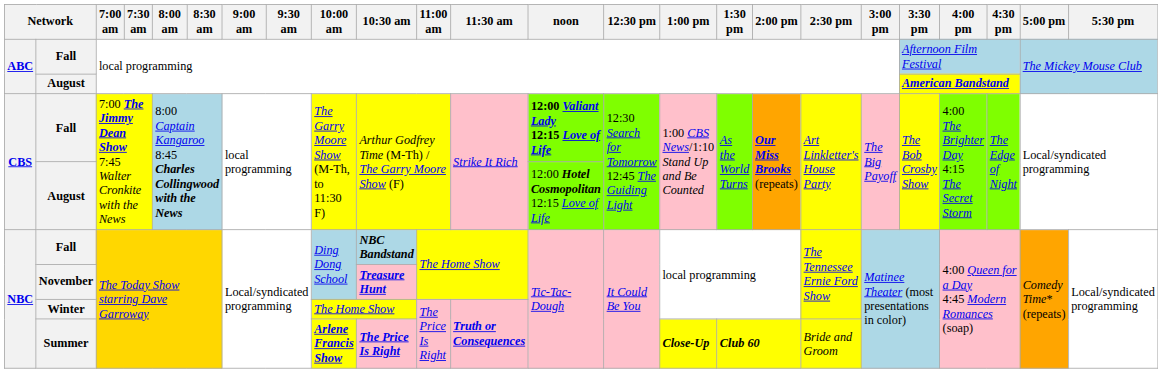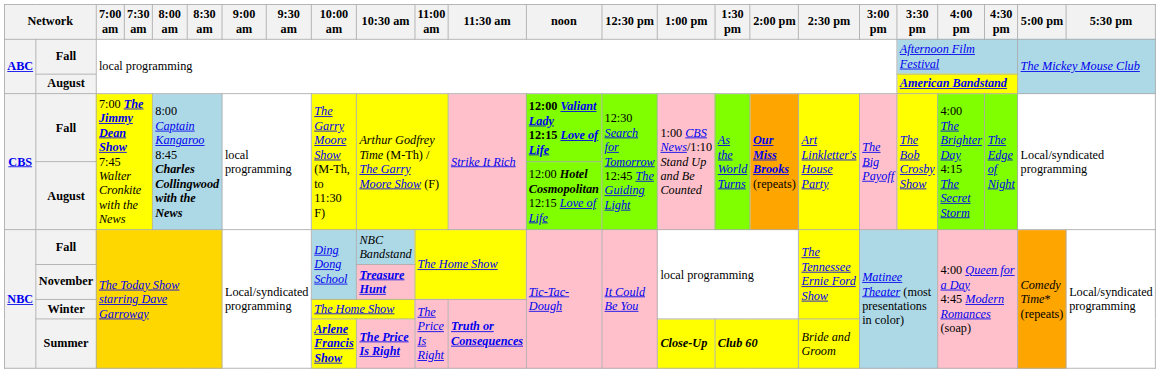 <table class=wikitable style="font-size:90%">
 <tr>
 <th width="1.5%" bgcolor="#C0C0C0" colspan="2">Network</th>
 <th width="12%" bgcolor="#C0C0C0">7:00 am</th>
 <th width="13%" bgcolor="#C0C0C0">7:30 am</th>
 <th width="12%" bgcolor="#C0C0C0">8:00 am</th>
 <th width="13%" bgcolor="#C0C0C0">8:30 am</th>
 <th width="12%" bgcolor="#C0C0C0">9:00 am</th>
 <th width="13%" bgcolor="#C0C0C0">9:30 am</th>
 <th width="12%" bgcolor="#C0C0C0">10:00 am</th>
 <th width="13%" bgcolor="#C0C0C0">10:30 am</th>
 <th width="12%" bgcolor="#C0C0C0">11:00 am</th>
 <th width="13%" bgcolor="#C0C0C0">11:30 am</th>
 <th width="12%" bgcolor="#C0C0C0">noon</th>
 <th width="13%" bgcolor="#C0C0C0">12:30 pm</th>
 <th width="12%" bgcolor="#C0C0C0">1:00 pm</th>
 <th width="13%" bgcolor="#C0C0C0">1:30 pm</th>
 <th width="12%" bgcolor="#C0C0C0">2:00 pm</th>
 <th width="13%" bgcolor="#C0C0C0">2:30 pm</th>
 <th width="12%" bgcolor="#C0C0C0">3:00 pm</th>
 <th width="13%" bgcolor="#C0C0C0">3:30 pm</th>
 <th width="12%" bgcolor="#C0C0C0">4:00 pm</th>
 <th width="12%" bgcolor="#C0C0C0">4:30 pm</th>
 <th width="12%" bgcolor="#C0C0C0">5:00 pm</th>
 <th width="12%" bgcolor="#C0C0C0">5:30 pm</th>
 </tr>
 <tr>
 <th bgcolor="#C0C0C0"rowspan="2"><a href='#'>ABC</a></th>
 <th>Fall</th>
 <td bgcolor="white" rowspan="2"colspan="17">local programming</td>
 <td bgcolor="lightblue" colspan="3"><em><a href='#'>Afternoon Film Festival</a></em></td>
 <td bgcolor="lightblue" rowspan="2"colspan="2"><em><a href='#'>The Mickey Mouse Club</a></em></td>
 </tr>
 <tr>
 <th>August</th>
 <td bgcolor="yellow" colspan="3"><strong><em><a href='#'>American Bandstand</a></em></strong></td>
 </tr>
 <tr>
 <th bgcolor="#C0C0C0"rowspan="2"><a href='#'>CBS</a></th>
 <th>Fall</th>
 <td bgcolor="yellow" rowspan="2"colspan="2">7:00 <strong><em><a href='#'>The Jimmy Dean Show</a></em></strong><br>7:45 <em>Walter Cronkite with the News</em></td>
 <td bgcolor="lightblue" rowspan="2"colspan="2">8:00 <em><a href='#'>Captain Kangaroo</a></em><br>8:45 <strong><em>Charles Collingwood with the News</em></strong></td>
 <td bgcolor="white" rowspan="2"colspan="2">local programming</td>
 <td bgcolor="yellow"rowspan="2"><em><a href='#'>The Garry Moore Show</a></em> (M-Th, to 11:30 F)</td>
 <td bgcolor="yellow" rowspan="2"colspan="2"><em>Arthur Godfrey Time</em> (M-Th) / <em><a href='#'>The Garry Moore Show</a></em> (F)</td>
 <td bgcolor="pink"rowspan="2"><em><a href='#'>Strike It Rich</a></em></td>
 <td bgcolor="chartreuse"><strong>12:00 <em><a href='#'>Valiant Lady</a></em><br>12:15 <em><a href='#'>Love of Life</a></em></strong></td>
 <td bgcolor="chartreuse"rowspan="2">12:30 <em><a href='#'>Search for Tomorrow</a></em><br>12:45 <em><a href='#'>The Guiding Light</a></em></td>
 <td bgcolor="pink"rowspan="2">1:00 <em><a href='#'>CBS News</a></em>/1:10 <em>Stand Up and Be Counted</em></td>
 <td bgcolor="chartreuse"rowspan="2"><em><a href='#'>As the World Turns</a></em></td>
 <td bgcolor="orange"rowspan="2"><strong><em><a href='#'>Our Miss Brooks</a></em></strong> (repeats)</td>
 <td bgcolor="yellow"rowspan="2"><em><a href='#'>Art Linkletter's House Party</a></em></td>
 <td bgcolor="pink"rowspan="2"><em><a href='#'>The Big Payoff</a></em></td>
 <td bgcolor="yellow"rowspan="2"><em><a href='#'>The Bob Crosby Show</a></em></td>
 <td bgcolor="chartreuse"rowspan="2">4:00 <em><a href='#'>The Brighter Day</a></em><br>4:15 <em><a href='#'>The Secret Storm</a></em></td>
 <td bgcolor="chartreuse"rowspan="2"><em><a href='#'>The Edge of Night</a></em></td>
 <td bgcolor="white"rowspan="2"colspan="2">Local/syndicated programming</td>
 </tr>
 <tr>
 <th>August</th>
 <td bgcolor="chartreuse">12:00 <strong><em>Hotel Cosmopolitan</em></strong><br>12:15 <em><a href='#'>Love of Life</a></em></td>
 </tr>
 <tr>
 <th bgcolor="#C0C0C0"rowspan="4"><a href='#'>NBC</a></th>
 <th>Fall</th>
 <td bgcolor="gold"rowspan="4"colspan="4"><em><a href='#'>The Today Show starring Dave Garroway</a></em></td>
 <td bgcolor="white"rowspan="4"colspan="2">Local/syndicated programming</td>
 <td bgcolor="lightblue"rowspan="2"><em><a href='#'>Ding Dong School</a></em></td>
-<td bgcolor="lightblue"><strong><em>NBC Bandstand</em></strong></td>
+<td bgcolor="lightblue"><em>NBC Bandstand</em></td>
 <td colspan="2" bgcolor="yellow"rowspan="2"><em><a href='#'>The Home Show</a></em></td>
 <td bgcolor="pink"rowspan="4"><em><a href='#'>Tic-Tac-Dough</a></em></td>
 <td bgcolor="pink"rowspan="4"><em><a href='#'>It Could Be You</a></em></td>
 <td bgcolor="white" colspan="3"rowspan="3">local programming</td>
 <td bgcolor="yellow"rowspan="3"><em><a href='#'>The Tennessee Ernie Ford Show</a></em></td>
 <td bgcolor="lightblue" colspan="2"rowspan="4"><em><a href='#'>Matinee Theater</a></em> (most presentations in color)</td>
 <td bgcolor="pink" colspan="2"rowspan="4">4:00 <em><a href='#'>Queen for a Day</a></em><br>4:45 <em><a href='#'>Modern Romances</a></em> (soap)</td>
 <td bgcolor="orange"rowspan="4"><em>Comedy Time</em>* (repeats)</td>
 <td bgcolor="white"rowspan="4"colspan="1">Local/syndicated programming</td>
 </tr>
 <tr>
 <th>November</th>
 <td bgcolor="pink"><strong><em><a href='#'>Treasure Hunt</a></em></strong></td>
 </tr>
 <tr>
 <th>Winter</th>
 <td colspan="2" bgcolor="yellow"><em><a href='#'>The Home Show</a></em></td>
 <td bgcolor="pink"rowspan="2"><em><a href='#'>The Price Is Right</a></em></td>
 <td bgcolor="pink"rowspan="2"><strong><em><a href='#'>Truth or Consequences</a></em></strong></td>
 </tr>
 <tr>
 <th>Summer</th>
 <td bgcolor="yellow"><strong><em><a href='#'>Arlene Francis Show</a></em></strong></td>
 <td bgcolor="pink"><strong><em><a href='#'>The Price Is Right</a></em></strong></td>
 <td bgcolor="yellow"><strong><em>Close-Up</em></strong></td>
 <td bgcolor="yellow" colspan="2"><strong><em>Club 60</em></strong></td>
 <td bgcolor="yellow"><em>Bride and Groom</em></td>
 </tr>
 </table>
